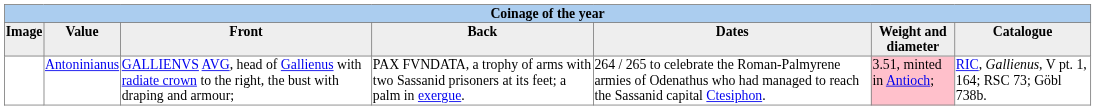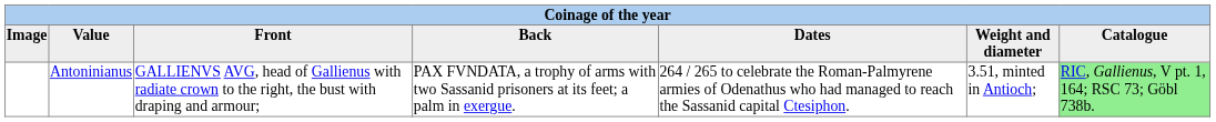 <table border=1 cellspacing=0 align=center style= "border-collapse: collapse; text-align:left; ">
 <tr style= "background: #ABCDEF; text-align:center; ">
 <th colspan = 7>Coinage of the year</th>
 </tr>
 <tr style= "background: #eee; text-align:center;  vertical-align: top; ">
 <th>Image</th>
 <th>Value</th>
 <th>Front</th>
 <th>Back</th>
 <th>Dates</th>
 <th>Weight and diameter</th>
 <th>Catalogue</th>
 </tr>
 <tr style= " vertical-align: top;">
 <td></td>
 <td><a href='#'>Antoninianus</a></td>
 <td><a href='#'>GALLIENVS</a> <a href='#'>AVG</a>, head of <a href='#'>Gallienus</a> with <a href='#'>radiate crown</a> to the right, the bust with draping and armour;</td>
 <td>PAX FVNDATA, a trophy of arms with two Sassanid prisoners at its feet; a palm in <a href='#'>exergue</a>.</td>
 <td>264 / 265 to celebrate the Roman-Palmyrene armies of Odenathus who had managed to reach the Sassanid capital <a href='#'>Ctesiphon</a>.</td>
-<td style="background: pink;">3.51, minted in <a href='#'>Antioch</a>;</td>
-<td><a href='#'>RIC</a>, <em>Gallienus</em>, V pt. 1, 164; RSC 73; Göbl 738b.</td>
+<td>3.51, minted in <a href='#'>Antioch</a>;</td>
+<td style="background: lightgreen;"><a href='#'>RIC</a>, <em>Gallienus</em>, V pt. 1, 164; RSC 73; Göbl 738b.</td>
 </tr>
 </table>
